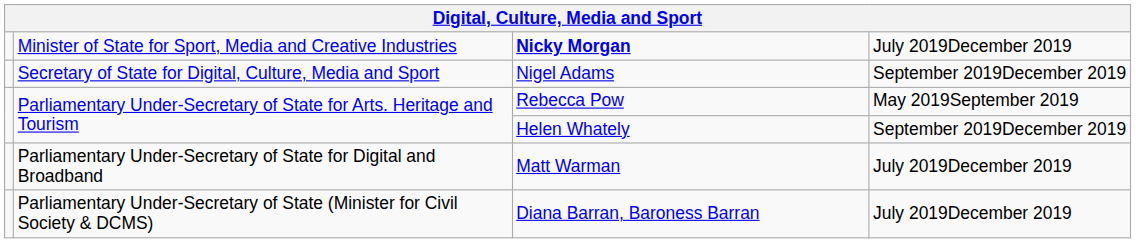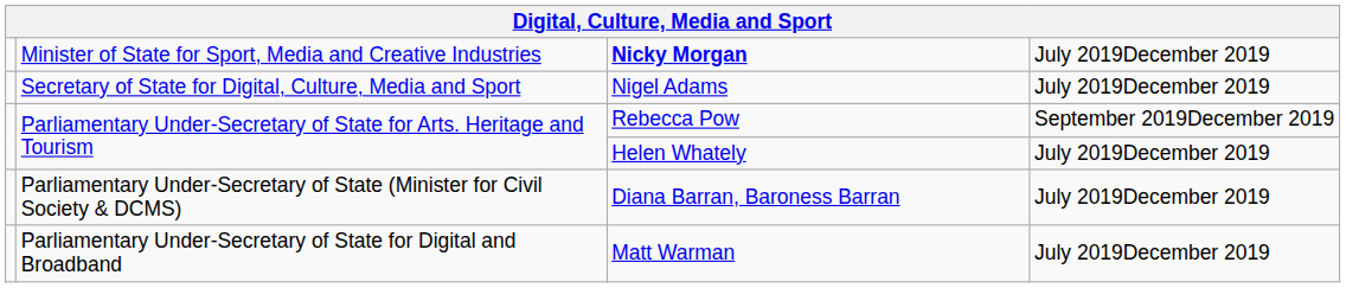 <table class="wikitable">
 <tr>
 <th colspan="4"><a href='#'>Digital, Culture, Media and Sport</a></th>
 </tr>
 <tr>
 <td style="width: 1px; background: "></td>
 <td style="width: 450px;"><a href='#'>Minister of State for Sport, Media and Creative Industries</a></td>
 <td style="width: 320px;"><strong><a href='#'>Nicky Morgan</a></strong></td>
 <td>July 2019December 2019</td>
 </tr>
 <tr>
 <td style="width: 1px; background: "></td>
 <td style="width: 450px;"><a href='#'>Secretary of State for Digital, Culture, Media and Sport</a></td>
 <td style="width: 320px;"><a href='#'>Nigel Adams</a></td>
-<td>September 2019December 2019</td>
+<td>July 2019December 2019</td>
 </tr>
 <tr>
 <td rowspan=2 style="width: 1px; background: "></td>
 <td rowspan=2 style="width: 450px;"><a href='#'>Parliamentary Under-Secretary of State for Arts. Heritage and Tourism</a></td>
 <td style="width: 320px;"><a href='#'>Rebecca Pow</a></td>
-<td>May 2019September 2019</td>
+<td>September 2019December 2019</td>
 </tr>
 <tr>
 <td><a href='#'>Helen Whately</a></td>
-<td>September 2019December 2019</td>
-</tr>
-<tr>
-<td style="width: 1px; background: "></td>
-<td>Parliamentary Under-Secretary of State for Digital and Broadband</td>
-<td><a href='#'>Matt Warman</a></td>
 <td>July 2019December 2019</td>
 </tr>
 <tr>
 <td style="width: 1px; background: "></td>
 <td>Parliamentary Under-Secretary of State (Minister for Civil Society & DCMS)</td>
 <td><a href='#'>Diana Barran, Baroness Barran</a> </td>
 <td>July 2019December 2019</td>
 </tr>
+<tr>
+<td style="width: 1px; background: "></td>
+<td>Parliamentary Under-Secretary of State for Digital and Broadband</td>
+<td><a href='#'>Matt Warman</a></td>
+<td>July 2019December 2019</td>
+</tr>
 </table>
